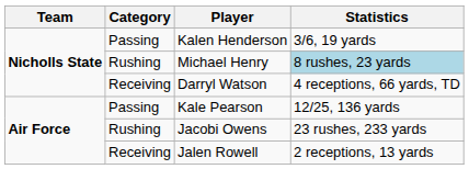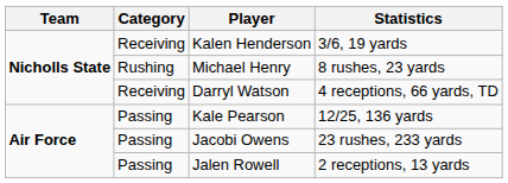 <table class="wikitable" style="float: left;">
 <tr>
 <th>Team</th>
 <th>Category</th>
 <th>Player</th>
 <th>Statistics</th>
 </tr>
 <tr>
 <td rowspan=3><strong>Nicholls State</strong></td>
-<td>Passing</td>
+<td>Receiving</td>
 <td>Kalen Henderson</td>
 <td>3/6, 19 yards</td>
 </tr>
 <tr>
 <td>Rushing</td>
 <td>Michael Henry</td>
-<td style="background: lightblue;">8 rushes, 23 yards</td>
+<td>8 rushes, 23 yards</td>
 </tr>
 <tr>
 <td>Receiving</td>
 <td>Darryl Watson</td>
 <td>4 receptions, 66 yards, TD</td>
 </tr>
 <tr>
 <td rowspan=3><strong>Air Force</strong></td>
 <td>Passing</td>
 <td>Kale Pearson</td>
 <td>12/25, 136 yards</td>
 </tr>
 <tr>
-<td>Rushing</td>
+<td>Passing</td>
 <td>Jacobi Owens</td>
 <td>23 rushes, 233 yards</td>
 </tr>
 <tr>
-<td>Receiving</td>
+<td>Passing</td>
 <td>Jalen Rowell</td>
 <td>2 receptions, 13 yards</td>
 </tr>
 </table>
